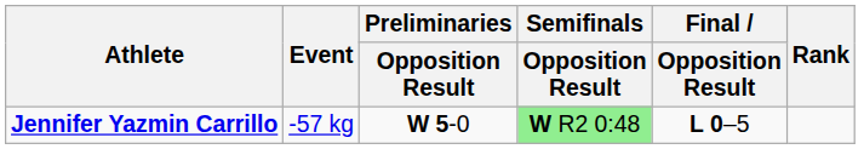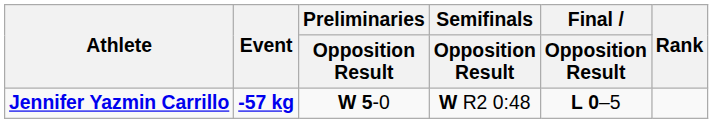 <table class="wikitable">
 <tr>
 <th rowspan="2">Athlete</th>
 <th rowspan="2">Event</th>
 <th>Preliminaries</th>
 <th>Semifinals</th>
 <th>Final / </th>
 <th rowspan="2">Rank</th>
 </tr>
 <tr>
 <th>Opposition<br>Result</th>
 <th>Opposition<br>Result</th>
 <th>Opposition<br>Result</th>
 </tr>
 <tr align="center">
 <td align="left"><strong><a href='#'>Jennifer Yazmin Carrillo</a></strong></td>
-<td align="left"><a href='#'>-57 kg</a></td>
+<td align="left"><strong><a href='#'>-57 kg</a></strong></td>
 <td><strong>W</strong> <strong>5</strong>-0</td>
-<td style="background: lightgreen;"><strong>W</strong> <strong></strong> R2 0:48</td>
+<td><strong>W</strong> <strong></strong> R2 0:48</td>
 <td><strong>L</strong> <strong>0</strong>–5</td>
 <td></td>
 </tr>
 </table>
